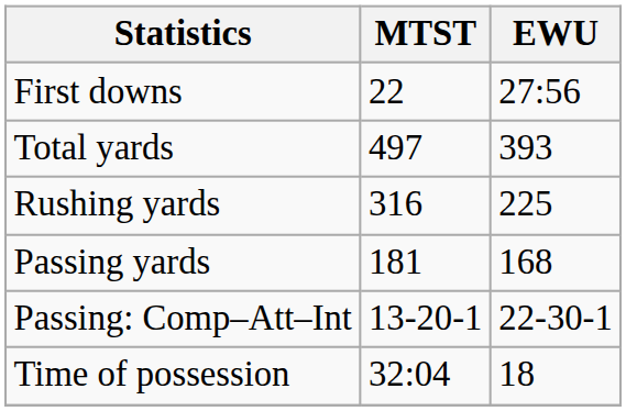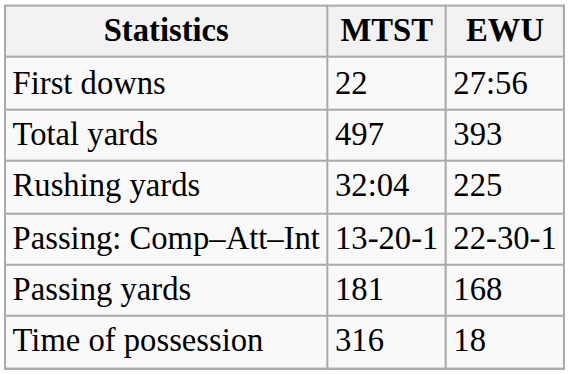 <table class="wikitable" style="float: left;">
 <tr>
 <th>Statistics</th>
 <th>MTST</th>
 <th>EWU</th>
 </tr>
 <tr>
 <td>First downs</td>
 <td>22</td>
 <td>27:56</td>
 </tr>
 <tr>
 <td>Total yards</td>
 <td>497</td>
 <td>393</td>
 </tr>
 <tr>
 <td>Rushing yards</td>
-<td>316</td>
+<td>32:04</td>
 <td>225</td>
+</tr>
+<tr>
+<td>Passing: Comp–Att–Int</td>
+<td>13-20-1</td>
+<td>22-30-1</td>
 </tr>
 <tr>
 <td>Passing yards</td>
 <td>181</td>
 <td>168</td>
 </tr>
 <tr>
-<td>Passing: Comp–Att–Int</td>
-<td>13-20-1</td>
-<td>22-30-1</td>
-</tr>
-<tr>
 <td>Time of possession</td>
-<td>32:04</td>
+<td>316</td>
 <td>18</td>
 </tr>
 <tr>
 </tr>
 </table>
